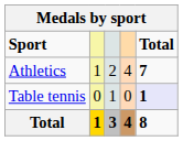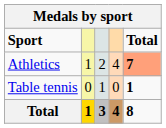 <table class=wikitable style="font-size:95%; ">
 <tr bgcolor=EFEFEF>
 <th colspan=7><strong>Medals by sport</strong></th>
 </tr>
 <tr>
 <td><strong>Sport</strong></td>
 <td bgcolor=F7F6A8></td>
 <td bgcolor=DCE5E5></td>
 <td bgcolor=FFDBA9></td>
 <td><strong>Total</strong></td>
 </tr>
 <tr>
 <td><a href='#'>Athletics</a></td>
 <td bgcolor=F7F6A8>1</td>
 <td bgcolor=DCE5E5>2</td>
 <td bgcolor=FFDAB9>4</td>
-<td><strong>7</strong></td>
+<td style="background: lightsalmon;"><strong>7</strong></td>
 </tr>
 <tr>
 <td><a href='#'>Table tennis</a></td>
 <td bgcolor=F7F6A8>0</td>
 <td bgcolor=DCE5E5>1</td>
 <td bgcolor=FFDAB9>0</td>
-<td style="background: lavender;"><strong>1</strong></td>
+<td><strong>1</strong></td>
 </tr>
 <tr>
 <th><strong>Total</strong></th>
 <td style="background:gold;"><strong>1</strong></td>
 <td style="background:silver;"><strong>3</strong></td>
 <td style="background:#c96;"><strong>4</strong></td>
 <td><strong>8</strong></td>
 </tr>
 </table>
